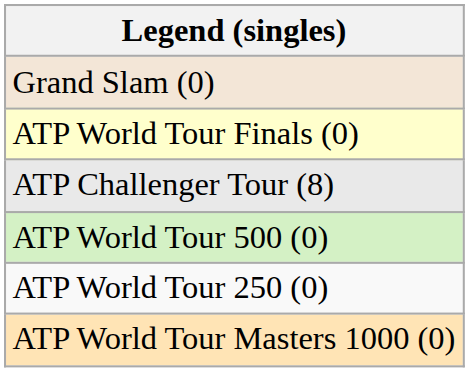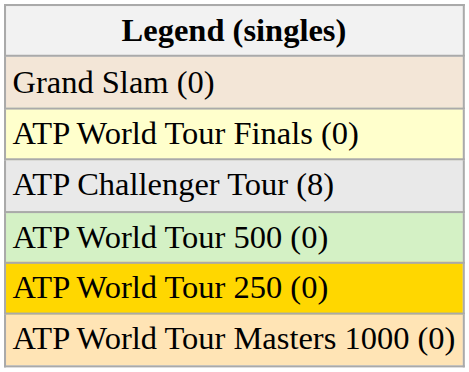 <table class="wikitable">
 <tr>
 <th>Legend (singles)</th>
 </tr>
 <tr style="background:#f3e6d7;">
 <td>Grand Slam (0)</td>
 </tr>
 <tr bgcolor="ffffcc">
 <td>ATP World Tour Finals (0)</td>
 </tr>
 <tr style="background:#e9e9e9;">
 <td>ATP Challenger Tour (8)</td>
 </tr>
 <tr style="background:#d4f1c5;">
 <td>ATP World Tour 500 (0)</td>
 </tr>
 <tr>
-<td>ATP World Tour 250 (0)</td>
+<td style="background: gold;">ATP World Tour 250 (0)</td>
 </tr>
 <tr bgcolor="moccasin">
 <td>ATP World Tour Masters 1000 (0)</td>
 </tr>
 </table>
